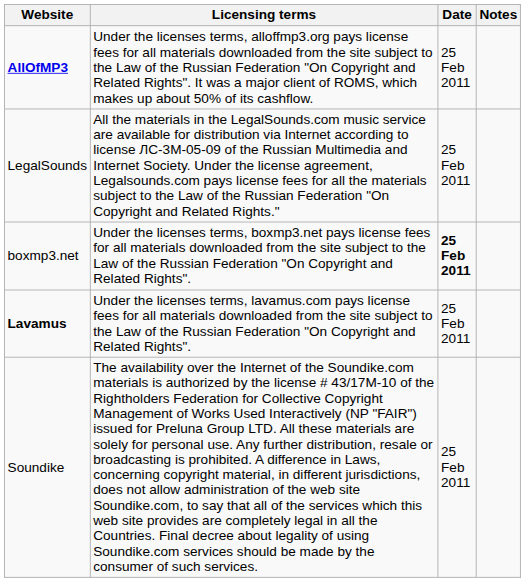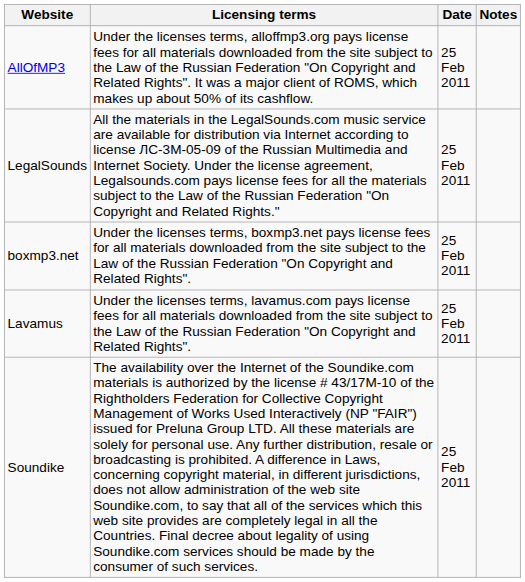 <table class="wikitable sortable">
 <tr>
 <th>Website</th>
 <th>Licensing terms</th>
 <th>Date  </th>
 <th>Notes</th>
 </tr>
 <tr>
-<td><strong><a href='#'>AllOfMP3</a></strong></td>
+<td><a href='#'>AllOfMP3</a></td>
 <td>Under the licenses terms, alloffmp3.org pays license fees for all materials downloaded from the site subject to the Law of the Russian Federation "On Copyright and Related Rights". It was a major client of ROMS, which makes up about 50% of its cashflow.</td>
 <td>25 Feb 2011</td>
 <td></td>
 </tr>
 <tr>
 <td>LegalSounds</td>
 <td>All the materials in the LegalSounds.com music service are available for distribution via Internet according to license ЛС-3М-05-09 of the Russian Multimedia and Internet Society. Under the license agreement, Legalsounds.com pays license fees for all the materials subject to the Law of the Russian Federation "On Copyright and Related Rights."</td>
 <td>25 Feb 2011</td>
 <td></td>
 </tr>
 <tr>
 <td>boxmp3.net</td>
 <td>Under the licenses terms, boxmp3.net pays license fees for all materials downloaded from the site subject to the Law of the Russian Federation "On Copyright and Related Rights".</td>
-<td><strong>25 Feb 2011</strong></td>
+<td>25 Feb 2011</td>
 <td></td>
 </tr>
 <tr>
-<td><strong>Lavamus</strong></td>
+<td>Lavamus</td>
 <td>Under the licenses terms, lavamus.com pays license fees for all materials downloaded from the site subject to the Law of the Russian Federation "On Copyright and Related Rights".</td>
 <td>25 Feb 2011</td>
 <td></td>
 </tr>
 <tr>
 <td>Soundike</td>
 <td>The availability over the Internet of the Soundike.com materials is authorized by the license # 43/17M-10 of the Rightholders Federation for Collective Copyright Management of Works Used Interactively (NP "FAIR") issued for Preluna Group LTD. All these materials are solely for personal use. Any further distribution, resale or broadcasting is prohibited. A difference in Laws, concerning copyright material, in different jurisdictions, does not allow administration of the web site Soundike.com, to say that all of the services which this web site provides are completely legal in all the Countries. Final decree about legality of using Soundike.com services should be made by the consumer of such services.</td>
 <td>25 Feb 2011</td>
 <td></td>
 </tr>
 </table>
